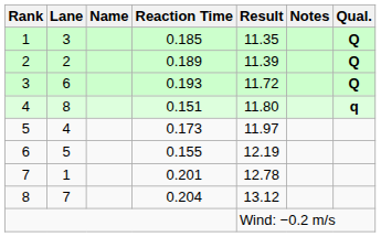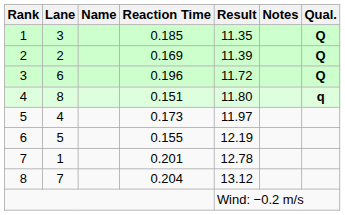 <table class="wikitable" style="text-align:center">
 <tr>
 <th>Rank</th>
 <th>Lane</th>
 <th>Name</th>
 <th>Reaction Time</th>
 <th>Result</th>
 <th>Notes</th>
 <th>Qual.</th>
 </tr>
 <tr bgcolor=ccffcc>
 <td>1</td>
 <td>3</td>
 <td align="left"></td>
 <td>0.185</td>
 <td>11.35</td>
 <td></td>
 <td><strong>Q</strong></td>
 </tr>
 <tr bgcolor=ccffcc>
 <td>2</td>
 <td>2</td>
 <td align="left"></td>
-<td>0.189</td>
+<td>0.169</td>
 <td>11.39</td>
 <td></td>
 <td><strong>Q</strong></td>
 </tr>
 <tr bgcolor=ccffcc>
 <td>3</td>
 <td>6</td>
 <td align="left"></td>
-<td>0.193</td>
+<td>0.196</td>
 <td>11.72</td>
 <td></td>
 <td><strong>Q</strong></td>
 </tr>
 <tr bgcolor=ddffdd>
 <td>4</td>
 <td>8</td>
 <td align="left"></td>
 <td>0.151</td>
 <td>11.80</td>
 <td></td>
 <td><strong>q</strong></td>
 </tr>
 <tr>
 <td>5</td>
 <td>4</td>
 <td align="left"></td>
 <td>0.173</td>
 <td>11.97</td>
 <td></td>
 <td></td>
 </tr>
 <tr>
 <td>6</td>
 <td>5</td>
 <td align="left"></td>
 <td>0.155</td>
 <td>12.19</td>
 <td></td>
 <td></td>
 </tr>
 <tr>
 <td>7</td>
 <td>1</td>
 <td align="left"></td>
 <td>0.201</td>
 <td>12.78</td>
 <td></td>
 <td></td>
 </tr>
 <tr>
 <td>8</td>
 <td>7</td>
 <td align="left"></td>
 <td>0.204</td>
 <td>13.12</td>
 <td></td>
 <td></td>
 </tr>
 <tr class="sortbottom">
 <td colspan=4></td>
 <td colspan="3" style="text-align:left;">Wind: −0.2 m/s</td>
 </tr>
 </table>
